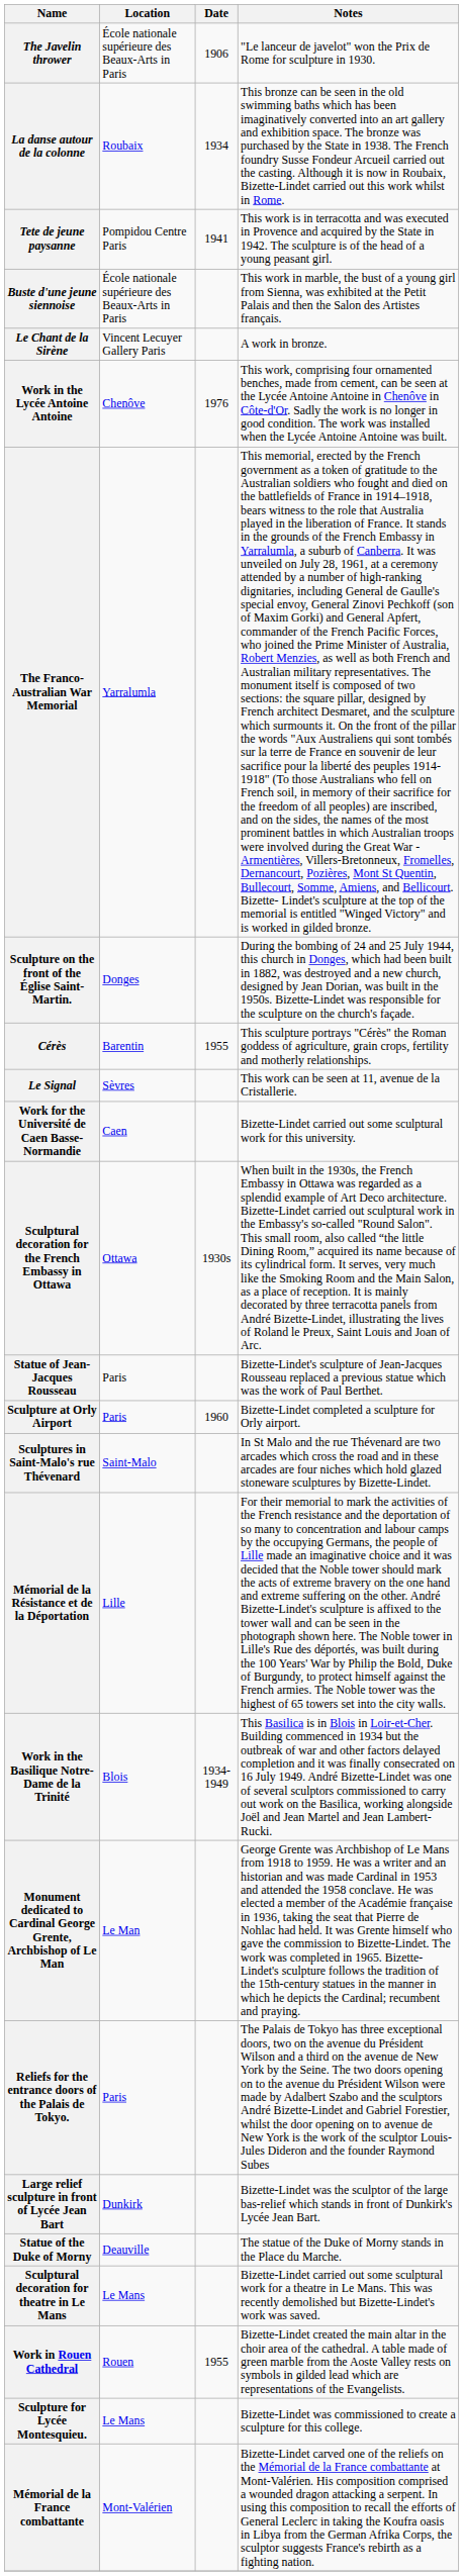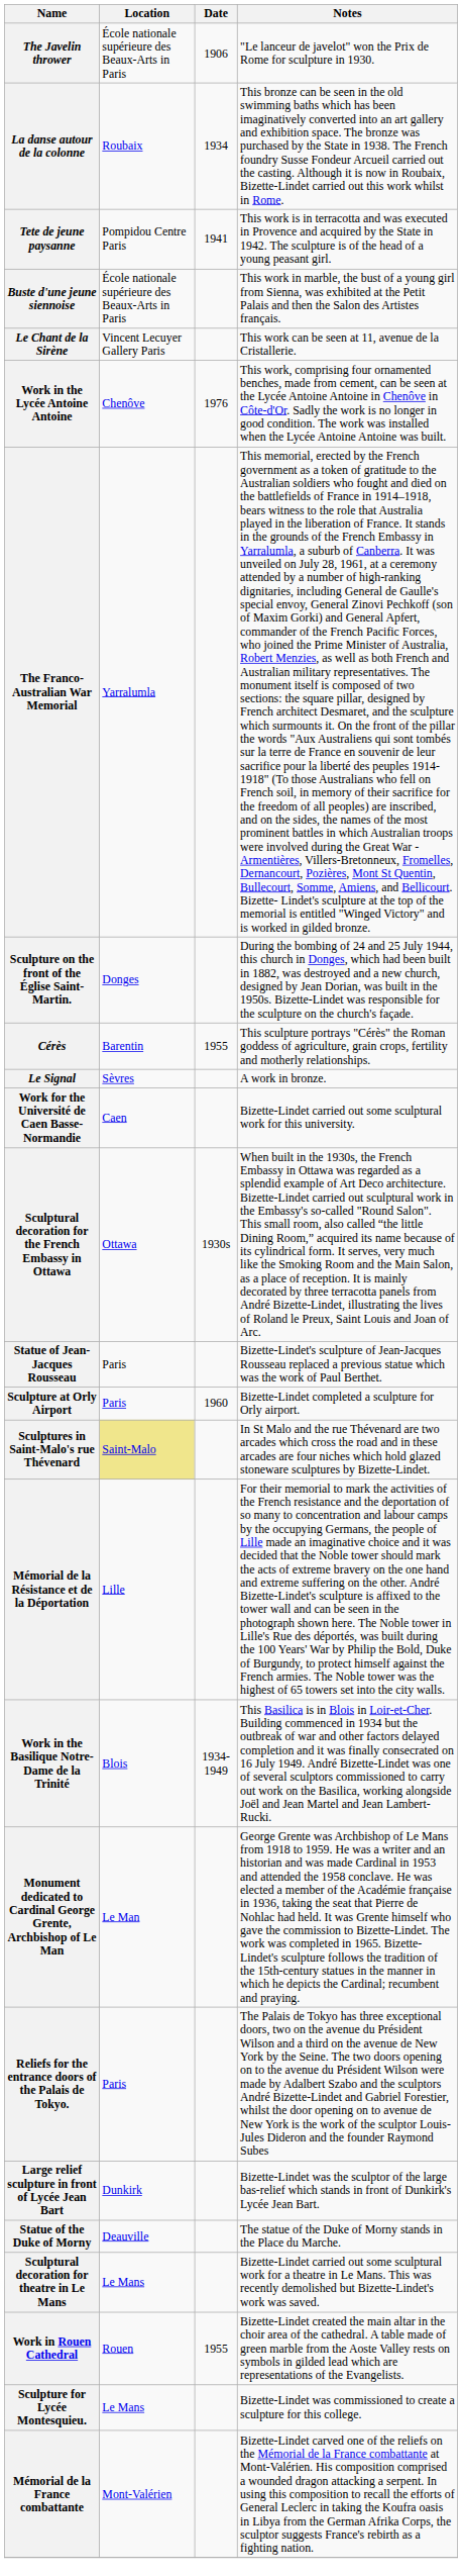 <table class="wikitable sortable plainrowheaders">
 <tr>
 <th scope="col" style="width:120px">Name</th>
 <th scope="col" style="width:120px">Location</th>
 <th scope="col" style="width:50px">Date</th>
 <th scope="col" class="unsortable">Notes</th>
 </tr>
 <tr>
 <th scope="row"><em>The Javelin thrower</em></th>
 <td>École nationale supérieure des Beaux-Arts in Paris<br></td>
 <td align="center">1906</td>
 <td>"Le lanceur de javelot" won the Prix de Rome for sculpture in 1930.</td>
 </tr>
 <tr>
 <th scope="row"><em>La danse autour de la colonne</em></th>
 <td><a href='#'>Roubaix</a><br></td>
 <td align="center">1934</td>
 <td>This bronze can be seen in the old swimming baths which has been imaginatively converted into an art gallery and exhibition space. The bronze was purchased by the State in 1938. The French foundry Susse Fondeur Arcueil carried out the casting.  Although it is now in Roubaix, Bizette-Lindet carried out this work whilst in <a href='#'>Rome</a>.</td>
 </tr>
 <tr>
 <th scope="row"><em>Tete de jeune paysanne</em></th>
 <td>Pompidou Centre Paris<br></td>
 <td align="center">1941</td>
 <td>This work is in terracotta and was executed in Provence and acquired by the State in 1942.  The sculpture is of the head of a young peasant girl.<br></td>
 </tr>
 <tr>
 <th scope="row"><em>Buste d'une jeune siennoise</em></th>
 <td>École nationale supérieure des Beaux-Arts in Paris<br></td>
 <td align="center"></td>
 <td>This work in marble, the bust of a young girl from Sienna, was exhibited at the Petit Palais and then the Salon des Artistes français.<br></td>
 </tr>
 <tr>
 <th scope="row"><em>Le Chant de la Sirène</em></th>
 <td>Vincent Lecuyer Gallery Paris<br></td>
 <td align="center"></td>
-<td>A work in bronze.<br></td>
+<td>This work can be seen at 11, avenue de la Cristallerie.</td>
 </tr>
 <tr>
 <th scope="row">Work in the Lycée Antoine Antoine</th>
 <td><a href='#'>Chenôve</a><br></td>
 <td align="center">1976</td>
 <td>This work, comprising four ornamented benches, made from cement, can be seen at the Lycée Antoine Antoine in <a href='#'>Chenôve</a> in <a href='#'>Côte-d'Or</a>. Sadly the work is no longer in good condition. The work was installed when the Lycée Antoine Antoine was built.<br></td>
 </tr>
 <tr>
 <th scope="row">The Franco-Australian War Memorial</th>
 <td><a href='#'>Yarralumla</a><br></td>
 <td align="center"></td>
 <td>This memorial, erected by the French government as a token of gratitude to the Australian soldiers who fought and died on the battlefields of France in 1914–1918, bears witness to the role that Australia played in the liberation of France.  It stands in the grounds of the French Embassy in <a href='#'>Yarralumla</a>, a suburb of <a href='#'>Canberra</a>.  It was unveiled on July 28, 1961, at a ceremony attended by a number of high-ranking dignitaries, including General de Gaulle's special envoy, General Zinovi Pechkoff (son of Maxim Gorki) and General Apfert, commander of the French Pacific Forces, who joined the Prime Minister of Australia, <a href='#'>Robert Menzies</a>, as well as both French and Australian military representatives. The monument itself is composed of two sections: the square pillar, designed by French architect Desmaret, and the sculpture which surmounts it.  On the front of the pillar the words "Aux Australiens qui sont tombés sur la terre de France en souvenir de leur sacrifice pour la liberté des peuples 1914-1918" (To those Australians who fell on French soil, in memory of their sacrifice for the freedom of all peoples) are inscribed, and on the sides, the names of the most prominent battles in which Australian troops were involved during the Great War - <a href='#'>Armentières</a>, Villers-Bretonneux, <a href='#'>Fromelles</a>, <a href='#'>Dernancourt</a>, <a href='#'>Pozières</a>, <a href='#'>Mont St Quentin</a>, <a href='#'>Bullecourt</a>, <a href='#'>Somme</a>, <a href='#'>Amiens</a>, and <a href='#'>Bellicourt</a>. Bizette- Lindet's sculpture at the top of the memorial is entitled "Winged Victory" and is worked in gilded bronze.<br></td>
 </tr>
 <tr>
 <th scope="row">Sculpture on the front of the Église Saint-Martin.</th>
 <td><a href='#'>Donges</a><br></td>
 <td align="center"></td>
 <td>During the bombing of 24 and 25 July 1944, this church in <a href='#'>Donges</a>, which had been built in 1882, was destroyed and a new church, designed by Jean Dorian, was built in the 1950s.  Bizette-Lindet was responsible for the sculpture on the church's façade.<br></td>
 </tr>
 <tr>
 <th scope="row"><em>Cérès</em></th>
 <td><a href='#'>Barentin</a><br></td>
 <td align="center">1955</td>
 <td>This sculpture portrays "Cérès" the Roman goddess of agriculture, grain crops, fertility and motherly relationships.<br> </td>
 </tr>
 <tr>
 <th scope="row"><em>Le Signal</em></th>
 <td><a href='#'>Sèvres</a><br></td>
 <td align="center"></td>
-<td>This work can be seen at 11, avenue de la Cristallerie.</td>
+<td>A work in bronze.<br></td>
 </tr>
 <tr>
 <th scope="row">Work for the Université de Caen Basse-Normandie</th>
 <td><a href='#'>Caen</a><br></td>
 <td align="center"></td>
 <td>Bizette-Lindet carried out some sculptural work for this university.</td>
 </tr>
 <tr>
 <th scope="row">Sculptural decoration for the French Embassy in Ottawa</th>
 <td><a href='#'>Ottawa</a><br></td>
 <td align="center">1930s</td>
 <td>When built in the 1930s, the French Embassy in Ottawa was regarded as a splendid example of Art Deco architecture. Bizette-Lindet carried out sculptural work in the Embassy's so-called "Round Salon". This small room, also called “the little Dining Room,” acquired its name because of its cylindrical form.  It serves, very much like the Smoking Room and the Main Salon, as a place of reception.  It is mainly decorated by three terracotta panels from André Bizette-Lindet, illustrating the lives of Roland le Preux, Saint Louis and Joan of Arc.<br>    </td>
 </tr>
 <tr>
 <th scope="row">Statue of Jean-Jacques Rousseau</th>
 <td>Paris<br></td>
 <td align="center"></td>
 <td>Bizette-Lindet's sculpture of Jean-Jacques Rousseau replaced a previous statue which was the work of Paul Berthet.<br></td>
 </tr>
 <tr>
 <th scope="row">Sculpture at Orly Airport</th>
 <td><a href='#'>Paris</a><br></td>
 <td align="center">1960</td>
 <td>Bizette-Lindet completed a sculpture for Orly airport.</td>
 </tr>
 <tr>
 <th scope="row">Sculptures in Saint-Malo's rue Thévenard</th>
-<td><a href='#'>Saint-Malo</a><br></td>
+<td style="background: khaki;"><a href='#'>Saint-Malo</a><br></td>
 <td align="center"></td>
 <td>In St Malo and the rue Thévenard are two arcades which cross the road and in these arcades are four niches which hold glazed stoneware sculptures by Bizette-Lindet.<br> </td>
 </tr>
 <tr>
 <th scope="row">Mémorial de la Résistance et de la Déportation</th>
 <td><a href='#'>Lille</a><br></td>
 <td align="center"></td>
 <td>For their memorial to mark the activities of the French resistance and the deportation of so many to concentration and labour camps by the occupying Germans, the people of <a href='#'>Lille</a> made an imaginative choice and it was decided that the Noble tower should mark the acts of extreme bravery on the one hand and extreme suffering on the other. André Bizette-Lindet's sculpture is affixed to the tower wall and can be seen in the photograph shown here.  The Noble tower in Lille's Rue des déportés, was built during the 100 Years' War by Philip the Bold, Duke of Burgundy, to protect himself against the French armies.  The Noble tower was the highest of 65 towers set into the city walls.<br></td>
 </tr>
 <tr>
 <th scope="row">Work in the Basilique Notre-Dame de la Trinité</th>
 <td><a href='#'>Blois</a><br></td>
 <td align="center">1934-1949</td>
 <td>This <a href='#'>Basilica</a> is in <a href='#'>Blois</a> in <a href='#'>Loir-et-Cher</a>. Building commenced in 1934 but the outbreak of war and other factors delayed completion and it was finally consecrated on 16 July 1949. André Bizette-Lindet was one of several sculptors commissioned to carry out work on the Basilica, working alongside Joël and Jean Martel and Jean Lambert-Rucki.<br></td>
 </tr>
 <tr>
 <th scope="row">Monument dedicated to Cardinal George Grente, Archbishop of Le Man</th>
 <td><a href='#'>Le Man</a><br></td>
 <td align="center"></td>
 <td>George Grente was Archbishop of Le Mans from 1918 to 1959.  He was a writer and an historian and was made Cardinal in 1953 and attended the 1958 conclave. He was elected a member of the Académie française in 1936, taking the seat that Pierre de Nohlac had held. It was Grente himself who gave the commission to Bizette-Lindet.  The work was completed in 1965.  Bizette-Lindet's sculpture follows the tradition of the 15th-century statues in the manner in which he depicts the Cardinal; recumbent and praying.<br></td>
 </tr>
 <tr>
 <th scope="row">Reliefs for the entrance doors of the Palais de Tokyo.</th>
 <td><a href='#'>Paris</a><br></td>
 <td align="center"></td>
 <td>The Palais de Tokyo has three exceptional doors, two on the avenue du Président Wilson and a third on the avenue de New York by the Seine. The two doors opening on to the avenue du Président Wilson were made by Adalbert Szabo and the sculptors André Bizette-Lindet and Gabriel Forestier, whilst the door opening on to avenue de New York is the work of the sculptor Louis-Jules Dideron and the founder Raymond Subes<br></td>
 </tr>
 <tr>
 <th scope="row">Large relief sculpture in front of Lycée Jean Bart</th>
 <td><a href='#'>Dunkirk</a><br></td>
 <td align="center"></td>
 <td>Bizette-Lindet was the sculptor of the large bas-relief which stands in front of Dunkirk's Lycée Jean Bart.<br></td>
 </tr>
 <tr>
 <th scope="row">Statue of the Duke of Morny</th>
 <td><a href='#'>Deauville</a><br></td>
 <td align="center"></td>
 <td>The statue of the Duke of Morny stands in the Place du Marche.<br></td>
 </tr>
 <tr>
 <th scope="row">Sculptural decoration for theatre in Le Mans</th>
 <td><a href='#'>Le Mans</a><br></td>
 <td align="center"></td>
 <td>Bizette-Lindet carried out some sculptural work for a theatre in Le Mans.  This was recently demolished but Bizette-Lindet's work was saved.<br></td>
 </tr>
 <tr>
 <th scope="row">Work in <a href='#'>Rouen Cathedral</a></th>
 <td><a href='#'>Rouen</a><br></td>
 <td align="center">1955</td>
 <td>Bizette-Lindet created the main altar in the choir area of the cathedral.  A table made of green marble from the Aoste Valley rests on symbols in gilded lead which are representations of the Evangelists.</td>
 </tr>
 <tr>
 <th scope="row">Sculpture for Lycée Montesquieu.</th>
 <td><a href='#'>Le Mans</a><br></td>
 <td align="center"></td>
 <td>Bizette-Lindet was commissioned to create a sculpture for this college.<br></td>
 </tr>
 <tr>
 <th scope="row">Mémorial de la France combattante</th>
 <td><a href='#'>Mont-Valérien</a></td>
 <td align="center"></td>
 <td>Bizette-Lindet carved one of the reliefs on the <a href='#'>Mémorial de la France combattante</a> at Mont-Valérien. His composition comprised a wounded dragon attacking a serpent.  In using this composition to recall the efforts of General Leclerc in taking the Koufra oasis in Libya from the German Afrika Corps, the sculptor suggests France's rebirth as a fighting nation.</td>
 </tr>
 <tr>
 </tr>
 </table>
